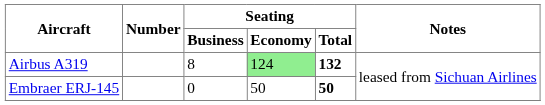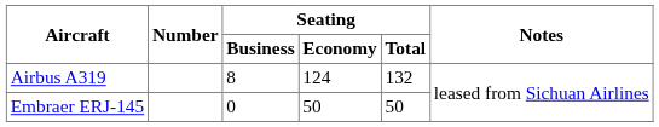 <table class="toccolours" border="1" cellpadding="3" style="border-collapse:collapse; margin:1em auto;">
 <tr>
 <th rowspan="2">Aircraft</th>
 <th rowspan="2">Number</th>
 <th colspan="3">Seating</th>
 <th rowspan="2">Notes</th>
 </tr>
 <tr>
 <th>Business</th>
 <th>Economy</th>
 <th>Total</th>
 </tr>
 <tr>
 <td><a href='#'>Airbus A319</a></td>
 <td></td>
 <td>8</td>
-<td style="background: lightgreen;">124</td>
-<td><strong>132</strong></td>
+<td>124</td>
+<td>132</td>
 <td rowspan="2">leased from <a href='#'>Sichuan Airlines</a></td>
 </tr>
 <tr>
 <td><a href='#'>Embraer ERJ-145</a></td>
 <td></td>
 <td>0</td>
 <td>50</td>
-<td><strong>50</strong></td>
+<td>50</td>
 </tr>
 <tr>
 </tr>
 </table>
